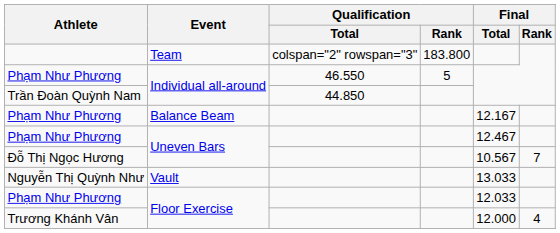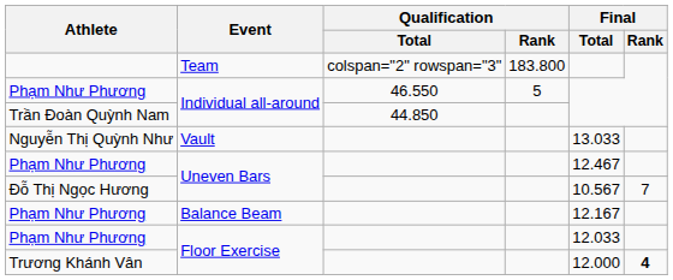 <table class=wikitable style=font-size:90%;text-align:center>
 <tr>
 <th rowspan="2">Athlete</th>
 <th rowspan="2">Event</th>
 <th colspan="2">Qualification</th>
 <th colspan="2">Final</th>
 </tr>
 <tr style="font-size:95%">
 <th>Total</th>
 <th>Rank</th>
 <th>Total</th>
 <th>Rank</th>
 </tr>
 <tr>
 <td align=left></td>
 <td align=left><a href='#'>Team</a></td>
 <td>colspan="2" rowspan="3" </td>
 <td>183.800</td>
 <td></td>
 </tr>
 <tr>
 <td align=left><a href='#'>Phạm Như Phương</a></td>
 <td rowspan="2" align=left><a href='#'>Individual all-around</a></td>
 <td>46.550</td>
 <td>5</td>
 </tr>
 <tr>
 <td align=left>Trần Đoàn Quỳnh Nam</td>
 <td>44.850</td>
 <td></td>
 </tr>
 <tr>
-<td align=left><a href='#'>Phạm Như Phương</a></td>
-<td align=left><a href='#'>Balance Beam</a></td>
+<td align=left>Nguyễn Thị Quỳnh Như</td>
+<td align=left><a href='#'>Vault</a></td>
 <td></td>
 <td></td>
-<td>12.167</td>
+<td>13.033</td>
 <td></td>
 </tr>
 <tr>
 <td align=left><a href='#'>Phạm Như Phương</a></td>
 <td rowspan="2" align=left><a href='#'>Uneven Bars</a></td>
 <td></td>
 <td></td>
 <td>12.467</td>
 <td></td>
 </tr>
 <tr>
 <td align=left>Đỗ Thị Ngọc Hương</td>
 <td></td>
 <td></td>
 <td>10.567</td>
 <td>7</td>
 </tr>
 <tr>
-<td align=left>Nguyễn Thị Quỳnh Như</td>
-<td align=left><a href='#'>Vault</a></td>
+<td align=left><a href='#'>Phạm Như Phương</a></td>
+<td align=left><a href='#'>Balance Beam</a></td>
 <td></td>
 <td></td>
-<td>13.033</td>
+<td>12.167</td>
 <td></td>
 </tr>
 <tr>
 <td align=left><a href='#'>Phạm Như Phương</a></td>
 <td rowspan="2" align=left><a href='#'>Floor Exercise</a></td>
 <td></td>
 <td></td>
 <td>12.033</td>
 <td></td>
 </tr>
 <tr>
 <td align=left>Trương Khánh Vân</td>
 <td></td>
 <td></td>
 <td>12.000</td>
-<td>4</td>
+<td><strong>4</strong></td>
 </tr>
 </table>
